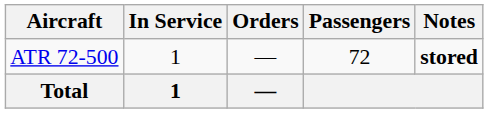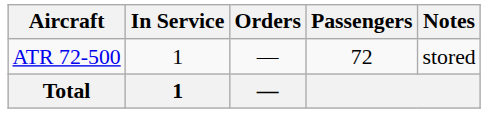 <table class="wikitable" style="margin:1em auto; border-collapse:collapse;text-align:center">
 <tr>
 <th>Aircraft</th>
 <th>In Service</th>
 <th>Orders</th>
 <th>Passengers</th>
 <th>Notes</th>
 </tr>
 <tr>
 <td><a href='#'>ATR 72-500</a></td>
 <td>1</td>
 <td>—</td>
 <td>72</td>
-<td><strong>stored</strong></td>
+<td>stored</td>
 </tr>
 <tr>
 <th>Total</th>
 <th>1</th>
 <th>—</th>
 <th colspan="2"></th>
 </tr>
 </table>
